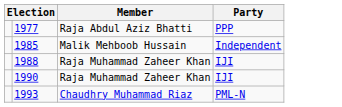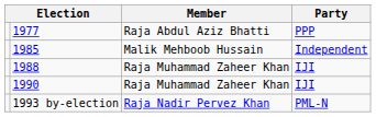 <table class="wikitable">
 <tr>
 <th colspan="2">Election</th>
 <th>Member</th>
 <th>Party</th>
 </tr>
 <tr>
 <td style="background-color: "></td>
 <td><a href='#'>1977</a></td>
 <td>Raja Abdul Aziz Bhatti</td>
 <td><a href='#'>PPP</a></td>
 </tr>
 <tr>
 <td style="background-color: "></td>
 <td><a href='#'>1985</a></td>
 <td>Malik Mehboob Hussain</td>
 <td><a href='#'>Independent</a></td>
 </tr>
 <tr>
 <td style="background-color: "></td>
 <td><a href='#'>1988</a></td>
 <td>Raja Muhammad Zaheer Khan</td>
 <td><a href='#'>IJI</a></td>
 </tr>
 <tr>
 <td style="background-color: "></td>
 <td><a href='#'>1990</a></td>
 <td>Raja Muhammad Zaheer Khan</td>
 <td><a href='#'>IJI</a></td>
 </tr>
 <tr>
 <td style="background-color: "></td>
-<td><a href='#'>1993</a></td>
-<td><a href='#'>Chaudhry Muhammad Riaz</a></td>
+<td>1993 by-election</td>
+<td><a href='#'>Raja Nadir Pervez Khan</a></td>
 <td><a href='#'>PML-N</a></td>
 </tr>
 </table>
